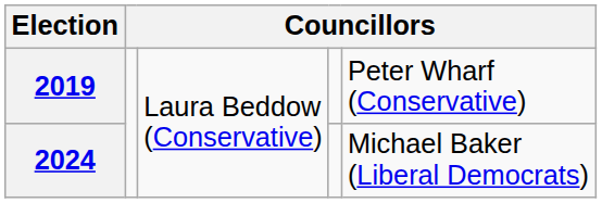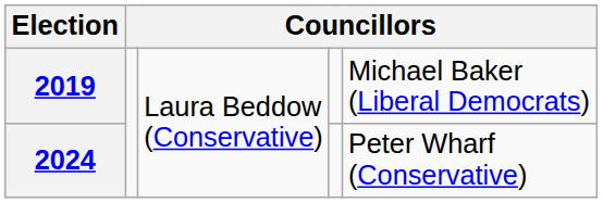 <table class="wikitable">
 <tr>
 <th>Election</th>
 <th colspan="4">Councillors</th>
 </tr>
 <tr>
 <th><a href='#'>2019</a></th>
 <td rowspan="4" style="background-color: "></td>
 <td rowspan="2">Laura Beddow<br>(<a href='#'>Conservative</a>)</td>
 <td style="background-color: "></td>
-<td>Peter Wharf<br>(<a href='#'>Conservative</a>)</td>
+<td>Michael Baker<br>(<a href='#'>Liberal Democrats</a>)</td>
 </tr>
 <tr>
 <th><a href='#'>2024</a></th>
 <td style="background-color: "></td>
-<td>Michael Baker<br>(<a href='#'>Liberal Democrats</a>)</td>
+<td>Peter Wharf<br>(<a href='#'>Conservative</a>)</td>
 </tr>
 </table>
